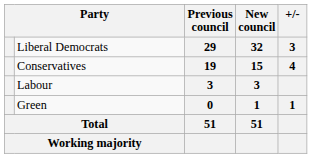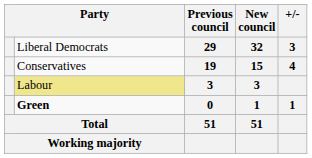 <table class="wikitable">
 <tr>
 <th valign=top colspan="2" style="width: 230px">Party</th>
 <th valign=top style="width: 30px">Previous council</th>
 <th valign=top style="width: 30px">New council</th>
 <th valign=top style="width: 30px">+/-</th>
 </tr>
 <tr>
 <th style="background-color: "></th>
 <td>Liberal Democrats</td>
 <th align=center>29</th>
 <th align=center>32</th>
 <th align=center>3</th>
 </tr>
 <tr>
 <th style="background-color: "></th>
 <td>Conservatives</td>
 <th align=center>19</th>
 <th align=center>15</th>
 <th align=center>4</th>
 </tr>
 <tr>
 <th style="background-color: "></th>
-<td>Labour</td>
+<td style="background: khaki;">Labour</td>
 <th align=center>3</th>
 <th align=center>3</th>
 <th align=center></th>
 </tr>
 <tr>
 <th style="background-color: "></th>
-<td>Green</td>
+<td><strong>Green</strong></td>
 <th align=center>0</th>
 <th align=center>1</th>
 <th align=center>1</th>
 </tr>
 <tr>
 <th colspan=2>Total</th>
 <th style="text-align: center">51</th>
 <th style="text-align: center">51</th>
 <th></th>
 </tr>
 <tr>
 <th colspan=2>Working majority</th>
 <th></th>
 <th></th>
 <th></th>
 </tr>
 </table>
